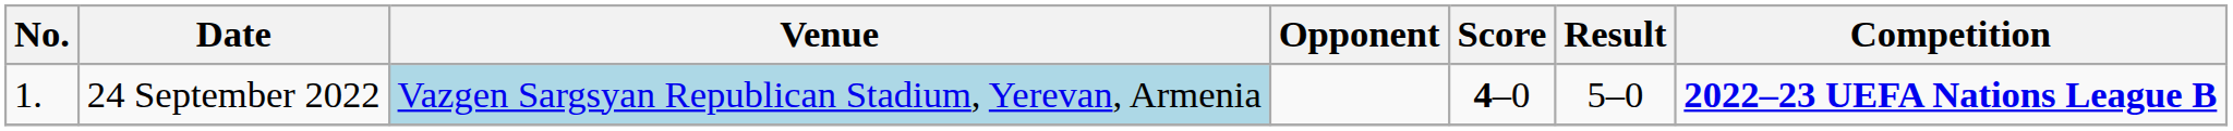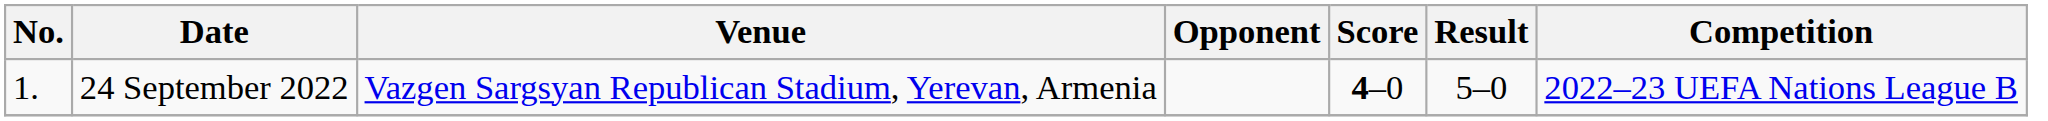 <table class="wikitable">
 <tr>
 <th>No.</th>
 <th>Date</th>
 <th>Venue</th>
 <th>Opponent</th>
 <th>Score</th>
 <th>Result</th>
 <th>Competition</th>
 </tr>
 <tr>
 <td>1.</td>
 <td>24 September 2022</td>
-<td style="background: lightblue;"><a href='#'>Vazgen Sargsyan Republican Stadium</a>, <a href='#'>Yerevan</a>, Armenia</td>
+<td><a href='#'>Vazgen Sargsyan Republican Stadium</a>, <a href='#'>Yerevan</a>, Armenia</td>
 <td></td>
 <td align=center><strong>4</strong>–0</td>
 <td align=center>5–0</td>
-<td><strong><a href='#'>2022–23 UEFA Nations League B</a></strong></td>
+<td><a href='#'>2022–23 UEFA Nations League B</a></td>
 </tr>
 <tr>
 </tr>
 </table>
